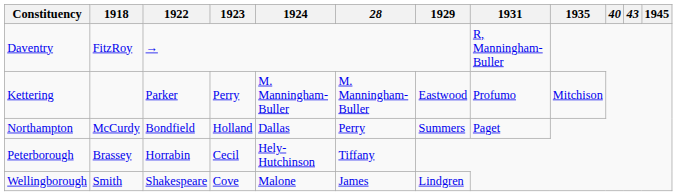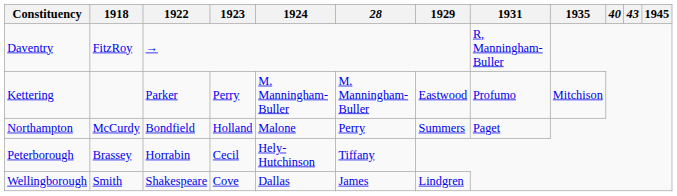 <table class="wikitable">
 <tr>
 <th>Constituency</th>
 <th>1918</th>
 <th>1922</th>
 <th>1923</th>
 <th>1924</th>
 <th><em>28</em></th>
 <th>1929</th>
 <th>1931</th>
 <th>1935</th>
 <th><em>40</em></th>
 <th><em>43</em></th>
 <th>1945</th>
 </tr>
 <tr>
 <td><a href='#'>Daventry</a></td>
 <td><a href='#'>FitzRoy</a></td>
 <td colspan="5"><a href='#'>→</a></td>
 <td><a href='#'>R, Manningham-Buller</a></td>
 </tr>
 <tr>
 <td><a href='#'>Kettering</a></td>
 <td></td>
 <td><a href='#'>Parker</a></td>
 <td><a href='#'>Perry</a></td>
 <td><a href='#'>M. Manningham-Buller</a></td>
 <td><a href='#'>M. Manningham-Buller</a></td>
 <td><a href='#'>Eastwood</a></td>
 <td><a href='#'>Profumo</a></td>
 <td><a href='#'>Mitchison</a></td>
 </tr>
 <tr>
 <td><a href='#'>Northampton</a></td>
 <td><a href='#'>McCurdy</a></td>
 <td><a href='#'>Bondfield</a></td>
 <td><a href='#'>Holland</a></td>
-<td><a href='#'>Dallas</a></td>
+<td><a href='#'>Malone</a></td>
 <td><a href='#'>Perry</a></td>
 <td><a href='#'>Summers</a></td>
 <td><a href='#'>Paget</a></td>
 </tr>
 <tr>
 <td><a href='#'>Peterborough</a></td>
 <td><a href='#'>Brassey</a></td>
 <td><a href='#'>Horrabin</a></td>
 <td><a href='#'>Cecil</a></td>
 <td><a href='#'>Hely-Hutchinson</a></td>
 <td><a href='#'>Tiffany</a></td>
 </tr>
 <tr>
 <td><a href='#'>Wellingborough</a></td>
 <td><a href='#'>Smith</a></td>
 <td><a href='#'>Shakespeare</a></td>
 <td><a href='#'>Cove</a></td>
-<td><a href='#'>Malone</a></td>
+<td><a href='#'>Dallas</a></td>
 <td><a href='#'>James</a></td>
 <td><a href='#'>Lindgren</a></td>
 </tr>
 </table>
